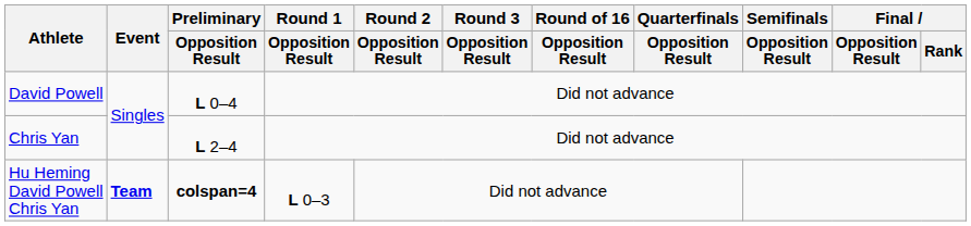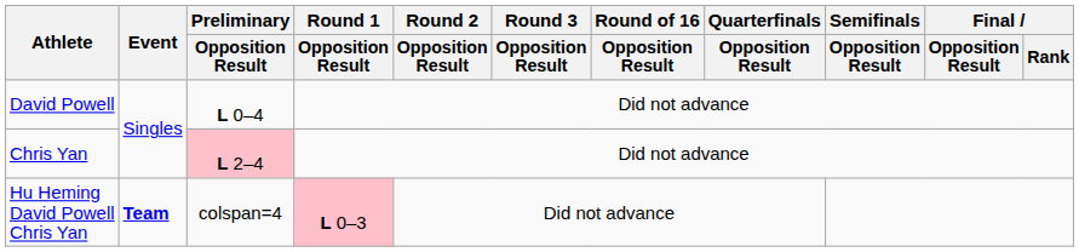 <table class="wikitable" style="font-size:90%;">
 <tr>
 <th rowspan=2>Athlete</th>
 <th rowspan=2>Event</th>
 <th>Preliminary</th>
 <th>Round 1</th>
 <th>Round 2</th>
 <th>Round 3</th>
 <th>Round of 16</th>
 <th>Quarterfinals</th>
 <th>Semifinals</th>
 <th colspan=2>Final / </th>
 </tr>
 <tr style="font-size:95%">
 <th>Opposition<br>Result</th>
 <th>Opposition<br>Result</th>
 <th>Opposition<br>Result</th>
 <th>Opposition<br>Result</th>
 <th>Opposition<br>Result</th>
 <th>Opposition<br>Result</th>
 <th>Opposition<br>Result</th>
 <th>Opposition<br>Result</th>
 <th>Rank</th>
 </tr>
 <tr align=center>
 <td align=left><a href='#'>David Powell</a></td>
 <td align=left rowspan=2><a href='#'>Singles</a></td>
 <td><br><strong>L</strong> 0–4</td>
 <td colspan=8>Did not advance</td>
 </tr>
 <tr align=center>
 <td align=left><a href='#'>Chris Yan</a></td>
-<td><br><strong>L</strong> 2–4</td>
+<td style="background: pink;"><br><strong>L</strong> 2–4</td>
 <td colspan=8>Did not advance</td>
 </tr>
 <tr align=center>
 <td align=left><a href='#'>Hu Heming</a><br><a href='#'>David Powell</a><br><a href='#'>Chris Yan</a></td>
 <td align=left><strong><a href='#'>Team</a></strong></td>
-<td><strong>colspan=4 </strong></td>
-<td><br><strong>L</strong> 0–3</td>
+<td>colspan=4 </td>
+<td style="background: pink;"><br><strong>L</strong> 0–3</td>
 <td colspan=4>Did not advance</td>
 </tr>
 </table>
